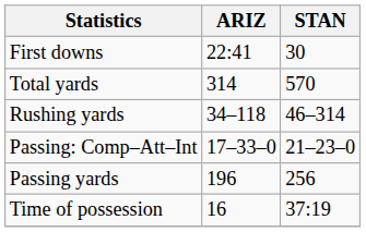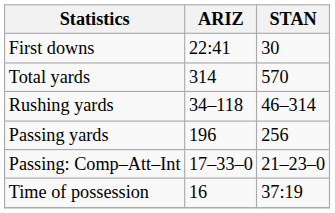 <table class="wikitable" style="float: left;">
 <tr>
 <th>Statistics</th>
 <th>ARIZ</th>
 <th>STAN</th>
 </tr>
 <tr>
 <td>First downs</td>
 <td>22:41</td>
 <td>30</td>
 </tr>
 <tr>
 <td>Total yards</td>
 <td>314</td>
 <td>570</td>
 </tr>
 <tr>
 <td>Rushing yards</td>
 <td>34–118</td>
 <td>46–314</td>
 </tr>
 <tr>
+<td>Passing yards</td>
+<td>196</td>
+<td>256</td>
+</tr>
+<tr>
 <td>Passing: Comp–Att–Int</td>
 <td>17–33–0</td>
 <td>21–23–0</td>
-</tr>
-<tr>
-<td>Passing yards</td>
-<td>196</td>
-<td>256</td>
 </tr>
 <tr>
 <td>Time of possession</td>
 <td>16</td>
 <td>37:19</td>
 </tr>
 <tr>
 </tr>
 </table>
